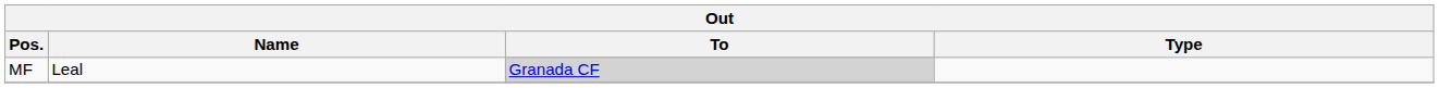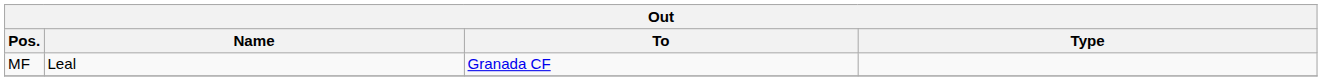 <table class="wikitable" style="font-size:90%;width:99%;">
 <tr>
 <th colspan="4">Out</th>
 </tr>
 <tr>
 <th width=3%>Pos.</th>
 <th width=32%>Name</th>
 <th width=30%>To</th>
 <th width=35%>Type</th>
 </tr>
 <tr>
 <td>MF</td>
 <td>Leal</td>
-<td style="background: lightgrey;"><a href='#'>Granada CF</a></td>
+<td><a href='#'>Granada CF</a></td>
 <td></td>
 </tr>
 <tr>
 </tr>
 </table>
